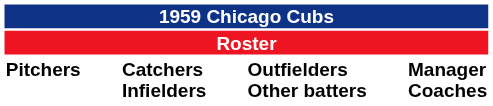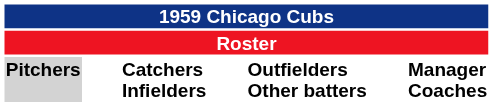 <table class="toccolours" style="font-size: 95%;">
 <tr>
 <th colspan="10" style="background-color: #0e3386; color: white; text-align: center;">1959 Chicago Cubs</th>
 </tr>
 <tr>
 <td colspan="10" style="background-color: #EE1422; color: white; text-align: center;"><strong>Roster</strong></td>
 </tr>
 <tr>
-<td valign="top"><strong>Pitchers</strong><br>                 </td>
+<td valign="top" style="background: lightgrey;"><strong>Pitchers</strong><br>                 </td>
 <td width="25px"></td>
 <td valign="top"><strong>Catchers</strong><br>   <strong>Infielders</strong>          </td>
 <td width="25px"></td>
 <td valign="top"><strong>Outfielders</strong><br>       <strong>Other batters</strong> </td>
 <td width="25px"></td>
 <td valign="top"><strong>Manager</strong><br> <strong>Coaches</strong>    </td>
 </tr>
 <tr>
 </tr>
 </table>
